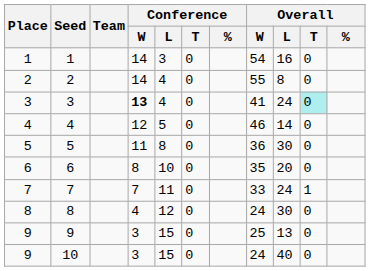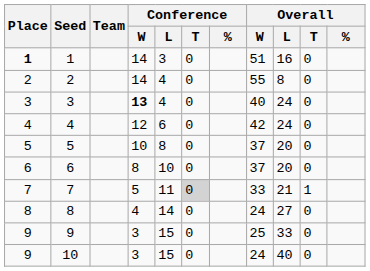 <table class="wikitable">
 <tr>
 <th rowspan ="2">Place</th>
 <th rowspan ="2">Seed</th>
 <th rowspan ="2">Team</th>
 <th colspan = "4">Conference</th>
 <th colspan = "4">Overall</th>
 </tr>
 <tr>
 <th scope="col" style="width: 20px;">W</th>
 <th scope="col" style="width: 20px;">L</th>
 <th scope="col" style="width: 20px;">T</th>
 <th scope="col" style="width: 30px;">%</th>
 <th scope="col" style="width: 20px;">W</th>
 <th scope="col" style="width: 20px;">L</th>
 <th scope="col" style="width: 20px;">T</th>
 <th scope="col" style="width: 30px;">%</th>
 </tr>
 <tr>
-<td style="text-align:center;">1</td>
+<td style="text-align:center;"><strong>1</strong></td>
 <td style="text-align:center;">1</td>
 <td></td>
 <td>14</td>
 <td>3</td>
 <td>0</td>
 <td></td>
-<td>54</td>
+<td>51</td>
 <td>16</td>
 <td>0</td>
 <td></td>
 </tr>
 <tr>
 <td style="text-align:center;">2</td>
 <td style="text-align:center;">2</td>
 <td></td>
 <td>14</td>
 <td>4</td>
 <td>0</td>
 <td></td>
 <td>55</td>
 <td>8</td>
 <td>0</td>
 <td></td>
 </tr>
 <tr>
 <td style="text-align:center;">3</td>
 <td style="text-align:center;">3</td>
 <td></td>
 <td><strong>13</strong></td>
 <td>4</td>
 <td>0</td>
 <td></td>
-<td>41</td>
+<td>40</td>
 <td>24</td>
-<td style="background: paleturquoise;">0</td>
+<td>0</td>
 <td></td>
 </tr>
 <tr>
 <td style="text-align:center;">4</td>
 <td style="text-align:center;">4</td>
 <td></td>
 <td>12</td>
-<td>5</td>
+<td>6</td>
 <td>0</td>
 <td></td>
-<td>46</td>
-<td>14</td>
+<td>42</td>
+<td>24</td>
 <td>0</td>
 <td></td>
 </tr>
 <tr>
 <td style="text-align:center;">5</td>
 <td style="text-align:center;">5</td>
 <td></td>
-<td>11</td>
+<td>10</td>
 <td>8</td>
 <td>0</td>
 <td></td>
-<td>36</td>
-<td>30</td>
+<td>37</td>
+<td>20</td>
 <td>0</td>
 <td></td>
 </tr>
 <tr>
 <td style="text-align:center;">6</td>
 <td style="text-align:center;">6</td>
 <td></td>
 <td>8</td>
 <td>10</td>
 <td>0</td>
 <td></td>
-<td>35</td>
+<td>37</td>
 <td>20</td>
 <td>0</td>
 <td></td>
 </tr>
 <tr>
 <td style="text-align:center;">7</td>
 <td style="text-align:center;">7</td>
 <td></td>
-<td>7</td>
+<td>5</td>
 <td>11</td>
-<td>0</td>
+<td style="background: lightgrey;">0</td>
 <td></td>
 <td>33</td>
-<td>24</td>
+<td>21</td>
 <td>1</td>
 <td></td>
 </tr>
 <tr>
 <td style="text-align:center;">8</td>
 <td style="text-align:center;">8</td>
 <td></td>
 <td>4</td>
-<td>12</td>
+<td>14</td>
 <td>0</td>
 <td></td>
 <td>24</td>
-<td>30</td>
+<td>27</td>
 <td>0</td>
 <td></td>
 </tr>
 <tr>
 <td style="text-align:center;">9</td>
 <td style="text-align:center;">9</td>
 <td></td>
 <td>3</td>
 <td>15</td>
 <td>0</td>
 <td></td>
 <td>25</td>
-<td>13</td>
+<td>33</td>
 <td>0</td>
 <td></td>
 </tr>
 <tr>
 <td style="text-align:center;">9</td>
 <td style="text-align:center;">10</td>
 <td></td>
 <td>3</td>
 <td>15</td>
 <td>0</td>
 <td></td>
 <td>24</td>
 <td>40</td>
 <td>0</td>
 <td></td>
 </tr>
 </table>
